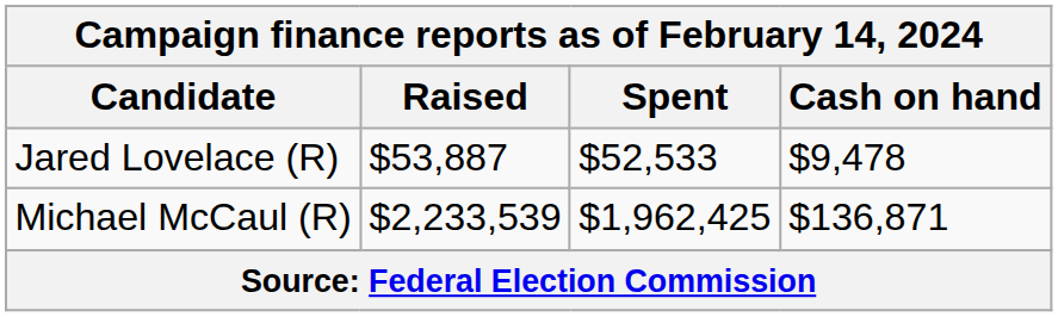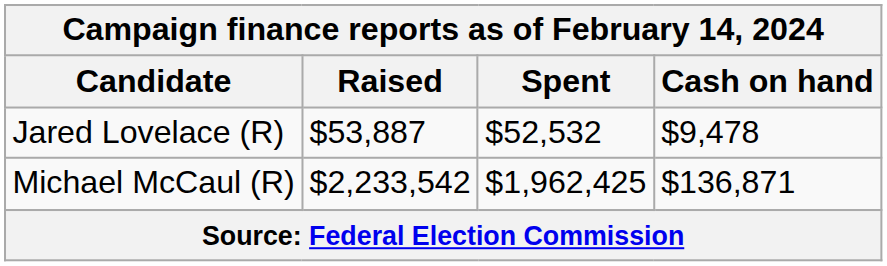 <table class="wikitable sortable">
 <tr>
 <th colspan=4>Campaign finance reports as of February 14, 2024</th>
 </tr>
 <tr style="text-align:center;">
 <th>Candidate</th>
 <th>Raised</th>
 <th>Spent</th>
 <th>Cash on hand</th>
 </tr>
 <tr>
 <td style="background-color:">Jared Lovelace (R)</td>
 <td>$53,887</td>
-<td>$52,533</td>
+<td>$52,532</td>
 <td>$9,478</td>
 </tr>
 <tr>
 <td style="background-color:">Michael McCaul (R)</td>
-<td>$2,233,539</td>
+<td>$2,233,542</td>
 <td>$1,962,425</td>
 <td>$136,871</td>
 </tr>
 <tr>
 <th colspan="4"><small>Source: <a href='#'>Federal Election Commission</a></small></th>
 </tr>
 </table>
